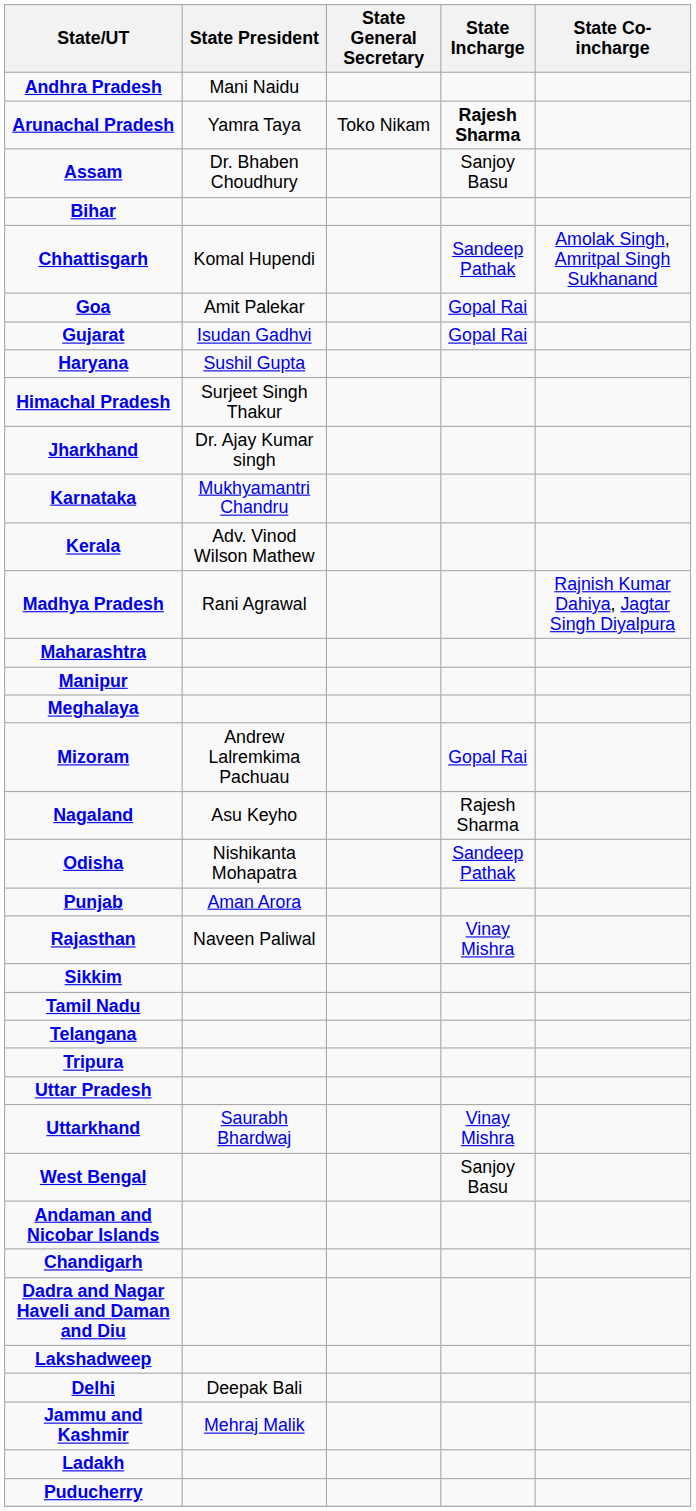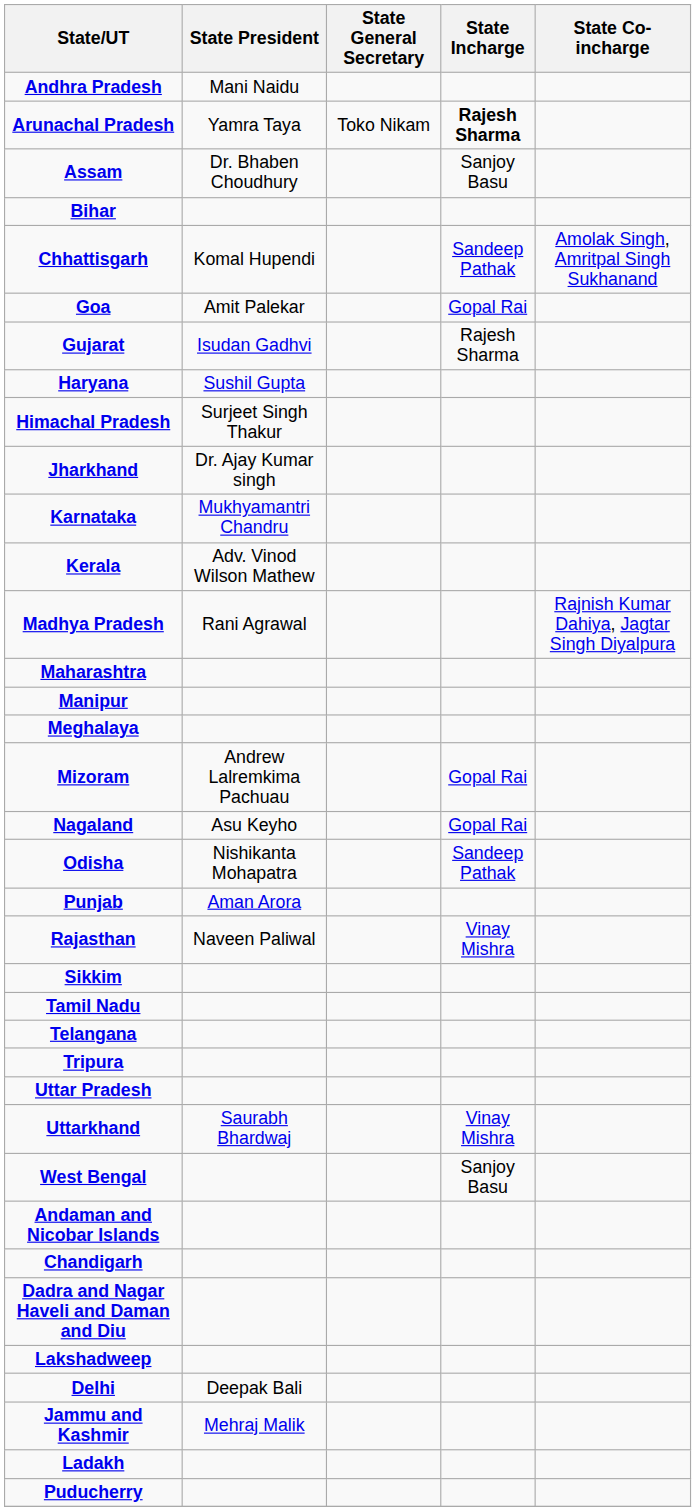 <table class="sortable wikitable" style="text-align:center" width="70%">
 <tr>
 <th Style="background-color:">State/UT</th>
 <th Style="background-color:">State President</th>
 <th Style="background-color:">State General Secretary</th>
 <th Style="background-color:">State Incharge</th>
 <th style="background-color:">State  Co-incharge</th>
 </tr>
 <tr>
 <td><strong><a href='#'>Andhra Pradesh</a></strong></td>
 <td>Mani Naidu</td>
 <td></td>
 <td></td>
 <td></td>
 </tr>
 <tr>
 <td><strong><a href='#'>Arunachal Pradesh</a></strong></td>
 <td>Yamra Taya</td>
 <td>Toko Nikam</td>
 <td><strong>Rajesh Sharma</strong></td>
 <td></td>
 </tr>
 <tr>
 <td><strong><a href='#'>Assam</a></strong></td>
 <td>Dr. Bhaben Choudhury</td>
 <td></td>
 <td>Sanjoy Basu</td>
 <td></td>
 </tr>
 <tr>
 <td><strong><a href='#'>Bihar</a></strong></td>
 <td></td>
 <td></td>
 <td></td>
 <td></td>
 </tr>
 <tr>
 <td><strong><a href='#'>Chhattisgarh</a></strong></td>
 <td>Komal Hupendi</td>
 <td></td>
 <td><a href='#'>Sandeep Pathak</a></td>
 <td><a href='#'>Amolak Singh</a>, <a href='#'>Amritpal Singh Sukhanand</a></td>
 </tr>
 <tr>
 <td><strong><a href='#'>Goa</a></strong></td>
 <td>Amit Palekar</td>
 <td></td>
 <td><a href='#'>Gopal Rai</a></td>
 <td></td>
 </tr>
 <tr>
 <td><strong><a href='#'>Gujarat</a></strong></td>
 <td><a href='#'>Isudan Gadhvi</a></td>
 <td></td>
-<td><a href='#'>Gopal Rai</a></td>
+<td>Rajesh Sharma</td>
 <td></td>
 </tr>
 <tr>
 <td><strong><a href='#'>Haryana</a></strong></td>
 <td><a href='#'>Sushil Gupta</a></td>
 <td></td>
 <td></td>
 <td></td>
 </tr>
 <tr>
 <td><strong><a href='#'>Himachal Pradesh</a></strong></td>
 <td>Surjeet Singh Thakur</td>
 <td></td>
 <td></td>
 <td></td>
 </tr>
 <tr>
 <td><strong><a href='#'>Jharkhand</a></strong></td>
 <td>Dr. Ajay Kumar singh</td>
 <td></td>
 <td></td>
 <td></td>
 </tr>
 <tr>
 <td><strong><a href='#'>Karnataka</a></strong></td>
 <td><a href='#'>Mukhyamantri Chandru</a></td>
 <td></td>
 <td></td>
 <td></td>
 </tr>
 <tr>
 <td><strong><a href='#'>Kerala</a></strong></td>
 <td>Adv. Vinod Wilson Mathew</td>
 <td></td>
 <td></td>
 <td></td>
 </tr>
 <tr>
 <td><strong><a href='#'>Madhya Pradesh</a></strong></td>
 <td>Rani Agrawal</td>
 <td></td>
 <td></td>
 <td><a href='#'>Rajnish Kumar Dahiya</a>, <a href='#'>Jagtar Singh Diyalpura</a></td>
 </tr>
 <tr>
 <td><strong><a href='#'>Maharashtra</a></strong></td>
 <td></td>
 <td></td>
 <td></td>
 <td></td>
 </tr>
 <tr>
 <td><strong><a href='#'>Manipur</a></strong></td>
 <td></td>
 <td></td>
 <td></td>
 <td></td>
 </tr>
 <tr>
 <td><strong><a href='#'>Meghalaya</a></strong></td>
 <td></td>
 <td></td>
 <td></td>
 <td></td>
 </tr>
 <tr>
 <td><strong><a href='#'>Mizoram</a></strong></td>
 <td>Andrew Lalremkima Pachuau</td>
 <td></td>
 <td><a href='#'>Gopal Rai</a></td>
 <td></td>
 </tr>
 <tr>
 <td><strong><a href='#'>Nagaland</a></strong></td>
 <td>Asu Keyho</td>
 <td></td>
-<td>Rajesh Sharma</td>
+<td><a href='#'>Gopal Rai</a></td>
 <td></td>
 </tr>
 <tr>
 <td><strong><a href='#'>Odisha</a></strong></td>
 <td>Nishikanta Mohapatra</td>
 <td></td>
 <td><a href='#'>Sandeep Pathak</a></td>
 <td></td>
 </tr>
 <tr>
 <td><strong><a href='#'>Punjab</a></strong></td>
 <td><a href='#'>Aman Arora</a></td>
 <td></td>
 <td></td>
 <td></td>
 </tr>
 <tr>
 <td><strong><a href='#'>Rajasthan</a></strong></td>
 <td>Naveen Paliwal</td>
 <td></td>
 <td><a href='#'>Vinay Mishra</a></td>
 <td></td>
 </tr>
 <tr>
 <td><strong><a href='#'>Sikkim</a></strong></td>
 <td></td>
 <td></td>
 <td></td>
 <td></td>
 </tr>
 <tr>
 <td><strong><a href='#'>Tamil Nadu</a></strong></td>
 <td></td>
 <td></td>
 <td></td>
 <td></td>
 </tr>
 <tr>
 <td><strong><a href='#'>Telangana</a></strong></td>
 <td></td>
 <td></td>
 <td></td>
 <td></td>
 </tr>
 <tr>
 <td><strong><a href='#'>Tripura</a></strong></td>
 <td></td>
 <td></td>
 <td></td>
 <td></td>
 </tr>
 <tr>
 <td><strong><a href='#'>Uttar Pradesh</a></strong></td>
 <td></td>
 <td></td>
 <td></td>
 <td></td>
 </tr>
 <tr>
 <td><strong><a href='#'>Uttarkhand</a></strong></td>
 <td><a href='#'>Saurabh Bhardwaj</a></td>
 <td></td>
 <td><a href='#'>Vinay Mishra</a></td>
 <td></td>
 </tr>
 <tr>
 <td><strong><a href='#'>West Bengal</a></strong></td>
 <td></td>
 <td></td>
 <td>Sanjoy Basu</td>
 <td></td>
 </tr>
 <tr>
 <td><strong><a href='#'>Andaman and Nicobar Islands</a></strong></td>
 <td></td>
 <td></td>
 <td></td>
 <td></td>
 </tr>
 <tr>
 <td><strong><a href='#'>Chandigarh</a></strong></td>
 <td></td>
 <td></td>
 <td></td>
 <td></td>
 </tr>
 <tr>
 <td><strong><a href='#'>Dadra and Nagar Haveli and Daman and Diu</a></strong></td>
 <td></td>
 <td></td>
 <td></td>
 <td></td>
 </tr>
 <tr>
 <td><strong><a href='#'>Lakshadweep</a></strong></td>
 <td></td>
 <td></td>
 <td></td>
 <td></td>
 </tr>
 <tr>
 <td><strong><a href='#'>Delhi</a></strong></td>
 <td>Deepak Bali</td>
 <td></td>
 <td></td>
 <td></td>
 </tr>
 <tr>
 <td><strong><a href='#'>Jammu and Kashmir</a></strong></td>
 <td><a href='#'>Mehraj Malik</a></td>
 <td></td>
 <td></td>
 <td></td>
 </tr>
 <tr>
 <td><strong><a href='#'>Ladakh</a></strong></td>
 <td></td>
 <td></td>
 <td></td>
 <td></td>
 </tr>
 <tr>
 <td><strong><a href='#'>Puducherry</a></strong></td>
 <td></td>
 <td></td>
 <td></td>
 <td></td>
 </tr>
 <tr>
 </tr>
 </table>
